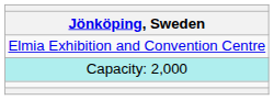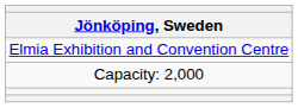 <table class="wikitable" style="text-align:center">
 <tr>
 <th colspan="2"></th>
 </tr>
 <tr>
 <th colspan="2"><a href='#'>Jönköping</a>, Sweden</th>
 </tr>
 <tr>
 <td><a href='#'>Elmia Exhibition and Convention Centre</a></td>
 </tr>
 <tr>
-<td style="background: paleturquoise;">Capacity: 2,000</td>
+<td>Capacity: 2,000</td>
 </tr>
 <tr>
 <td></td>
 </tr>
 <tr>
 <th colspan="2"></th>
 </tr>
 </table>
